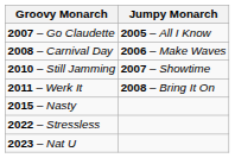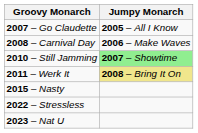 <table class="wikitable">
 <tr>
 <th><strong>Groovy Monarch</strong></th>
 <th><strong>Jumpy Monarch</strong></th>
 </tr>
 <tr>
 <td><strong>2007</strong> – <em>Go Claudette</em></td>
 <td><strong>2005</strong> – <em>All I Know</em></td>
 </tr>
 <tr>
 <td><strong>2008</strong> – <em>Carnival Day</em></td>
 <td><strong>2006</strong> – <em>Make Waves</em></td>
 </tr>
 <tr>
 <td><strong>2010</strong> – <em>Still Jamming</em></td>
-<td><strong>2007</strong> – <em>Showtime</em></td>
+<td style="background: lightgreen;"><strong>2007</strong> – <em>Showtime</em></td>
 </tr>
 <tr>
 <td><strong>2011</strong> – <em>Werk It</em></td>
-<td><strong>2008</strong> – <em>Bring It On</em></td>
+<td style="background: khaki;"><strong>2008</strong> – <em>Bring It On</em></td>
 </tr>
 <tr>
 <td><strong>2015</strong> – <em>Nasty</em></td>
 <td></td>
 </tr>
 <tr>
 <td><strong>2022</strong> – <em>Stressless</em></td>
 <td></td>
 </tr>
 <tr>
 <td><strong>2023</strong> – <em>Nat U</em></td>
 <td></td>
 </tr>
 </table>
